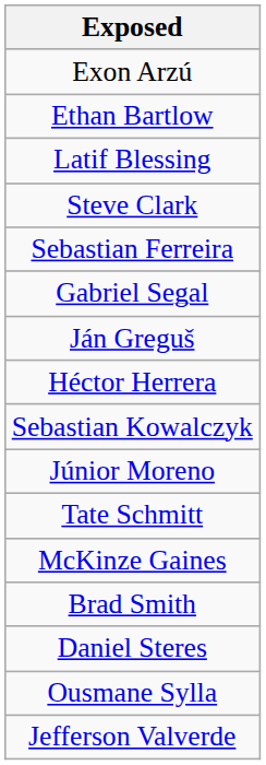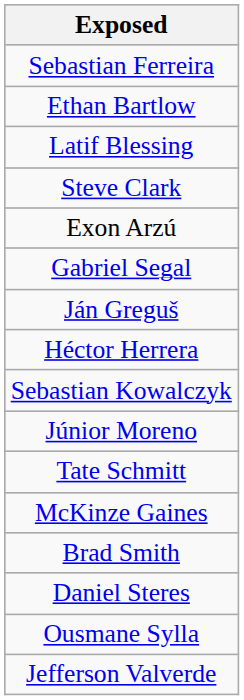 <table class="wikitable" style="text-align:center">
 <tr>
 <th>Exposed</th>
 </tr>
 <tr>
-<td>Exon Arzú</td>
+<td><a href='#'>Sebastian Ferreira</a></td>
 </tr>
 <tr>
 <td><a href='#'>Ethan Bartlow</a></td>
 </tr>
 <tr>
 <td><a href='#'>Latif Blessing</a></td>
 </tr>
 <tr>
 <td><a href='#'>Steve Clark</a></td>
 </tr>
 <tr>
-<td><a href='#'>Sebastian Ferreira</a></td>
+<td>Exon Arzú</td>
 </tr>
 <tr>
 <td><a href='#'>Gabriel Segal</a></td>
 </tr>
 <tr>
 <td><a href='#'>Ján Greguš</a></td>
 </tr>
 <tr>
 <td><a href='#'>Héctor Herrera</a></td>
 </tr>
 <tr>
 <td><a href='#'>Sebastian Kowalczyk</a></td>
 </tr>
 <tr>
 <td><a href='#'>Júnior Moreno</a></td>
 </tr>
 <tr>
 <td><a href='#'>Tate Schmitt</a></td>
 </tr>
 <tr>
 <td><a href='#'>McKinze Gaines</a></td>
 </tr>
 <tr>
 <td><a href='#'>Brad Smith</a></td>
 </tr>
 <tr>
 <td><a href='#'>Daniel Steres</a></td>
 </tr>
 <tr>
 <td><a href='#'>Ousmane Sylla</a></td>
 </tr>
 <tr>
 <td><a href='#'>Jefferson Valverde</a></td>
 </tr>
 </table>
